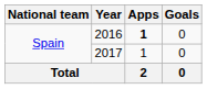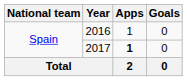 <table class=wikitable style=text-align:center>
 <tr>
 <th>National team</th>
 <th>Year</th>
 <th>Apps</th>
 <th>Goals</th>
 </tr>
 <tr>
 <td rowspan=2><a href='#'>Spain</a></td>
 <td>2016</td>
-<td><strong>1</strong></td>
+<td>1</td>
 <td>0</td>
 </tr>
 <tr>
 <td>2017</td>
-<td>1</td>
+<td><strong>1</strong></td>
 <td>0</td>
 </tr>
 <tr>
 <th colspan=2>Total</th>
 <th>2</th>
 <th>0</th>
 </tr>
 </table>
